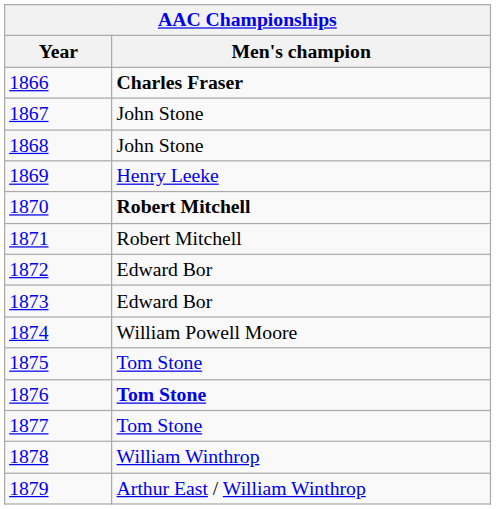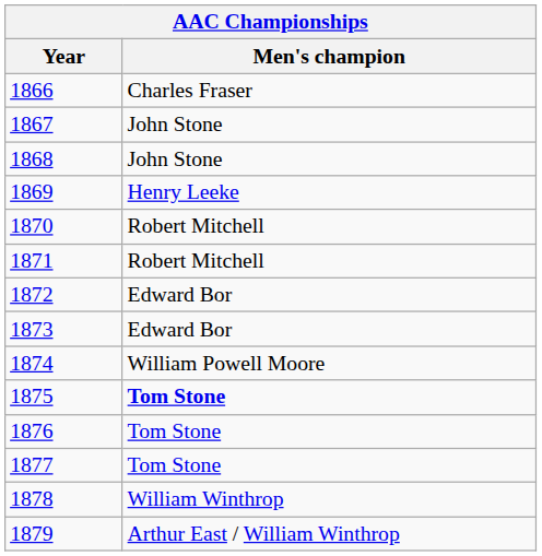 <table class="wikitable">
 <tr>
 <th colspan="2"><a href='#'>AAC Championships</a><br></th>
 </tr>
 <tr>
 <th width=80>Year</th>
 <th width=300>Men's champion</th>
 </tr>
 <tr>
 <td><a href='#'>1866</a></td>
-<td><strong>Charles Fraser</strong></td>
+<td>Charles Fraser</td>
 </tr>
 <tr>
 <td><a href='#'>1867</a></td>
 <td>John Stone</td>
 </tr>
 <tr>
 <td><a href='#'>1868</a></td>
 <td>John Stone</td>
 </tr>
 <tr>
 <td><a href='#'>1869</a></td>
 <td><a href='#'>Henry Leeke</a></td>
 </tr>
 <tr>
 <td><a href='#'>1870</a></td>
-<td><strong>Robert Mitchell</strong></td>
+<td>Robert Mitchell</td>
 </tr>
 <tr>
 <td><a href='#'>1871</a></td>
 <td>Robert Mitchell</td>
 </tr>
 <tr>
 <td><a href='#'>1872</a></td>
 <td>Edward Bor</td>
 </tr>
 <tr>
 <td><a href='#'>1873</a></td>
 <td>Edward Bor</td>
 </tr>
 <tr>
 <td><a href='#'>1874</a></td>
 <td>William Powell Moore</td>
 </tr>
 <tr>
 <td><a href='#'>1875</a></td>
-<td><a href='#'>Tom Stone</a></td>
+<td><strong><a href='#'>Tom Stone</a></strong></td>
 </tr>
 <tr>
 <td><a href='#'>1876</a></td>
-<td><strong><a href='#'>Tom Stone</a></strong></td>
+<td><a href='#'>Tom Stone</a></td>
 </tr>
 <tr>
 <td><a href='#'>1877</a></td>
 <td><a href='#'>Tom Stone</a></td>
 </tr>
 <tr>
 <td><a href='#'>1878</a></td>
 <td><a href='#'>William Winthrop</a></td>
 </tr>
 <tr>
 <td><a href='#'>1879</a></td>
 <td><a href='#'>Arthur East</a> / <a href='#'>William Winthrop</a></td>
 </tr>
 </table>
